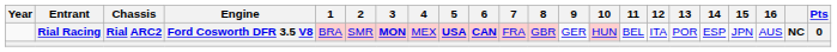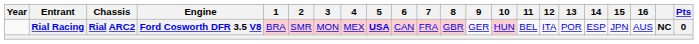 <table class="wikitable" style="text-align:center; font-size:85%">
 <tr>
 <th>Year</th>
 <th>Entrant</th>
 <th>Chassis</th>
 <th>Engine</th>
 <th>1</th>
 <th>2</th>
 <th>3</th>
 <th>4</th>
 <th>5</th>
 <th>6</th>
 <th>7</th>
 <th>8</th>
 <th>9</th>
 <th>10</th>
 <th>11</th>
 <th>12</th>
 <th>13</th>
 <th>14</th>
 <th>15</th>
 <th>16</th>
 <th></th>
 <th><a href='#'>Pts</a></th>
 </tr>
 <tr>
 <td></td>
 <th nowrap><a href='#'>Rial Racing</a></th>
 <th nowrap><a href='#'>Rial</a> <a href='#'>ARC2</a></th>
 <th nowrap><a href='#'>Ford Cosworth DFR</a> 3.5 <a href='#'>V8</a></th>
 <td style="background:#FFCFCF;"><a href='#'>BRA</a><br></td>
 <td style="background:#FFCFCF;"><a href='#'>SMR</a><br></td>
-<td style="background:#FFCFCF;"><strong><a href='#'>MON</a><br></strong></td>
+<td style="background:#FFCFCF;"><a href='#'>MON</a><br></td>
 <td style="background:#FFCFCF;"><a href='#'>MEX</a><br></td>
 <td style="background:#FFCFCF;"><strong><a href='#'>USA</a><br></strong></td>
-<td style="background:#FFCFCF;"><strong><a href='#'>CAN</a><br></strong></td>
+<td style="background:#FFCFCF;"><a href='#'>CAN</a><br></td>
 <td style="background:#FFCFCF;"><a href='#'>FRA</a><br></td>
 <td style="background:#FFCFCF;"><a href='#'>GBR</a><br></td>
 <td><a href='#'>GER</a><br></td>
 <td style="background:#FFCFCF;"><a href='#'>HUN</a><br></td>
 <td><a href='#'>BEL</a></td>
 <td><a href='#'>ITA</a></td>
 <td><a href='#'>POR</a></td>
 <td><a href='#'>ESP</a></td>
 <td><a href='#'>JPN</a></td>
 <td><a href='#'>AUS</a></td>
 <th>NC</th>
 <th>0</th>
 </tr>
 <tr>
 <th colspan="22"></th>
 </tr>
 </table>
